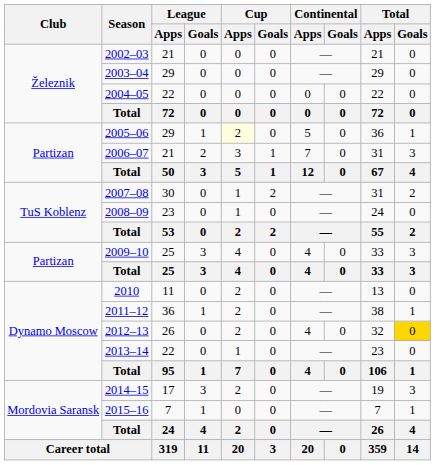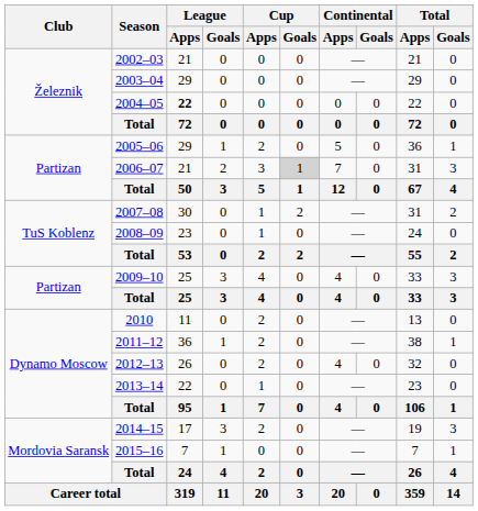 <table class="wikitable" style="text-align:center">
 <tr>
 <th rowspan="2">Club</th>
 <th rowspan="2">Season</th>
 <th colspan="2">League</th>
 <th colspan="2">Cup</th>
 <th colspan="2">Continental</th>
 <th colspan="2">Total</th>
 </tr>
 <tr>
 <th>Apps</th>
 <th>Goals</th>
 <th>Apps</th>
 <th>Goals</th>
 <th>Apps</th>
 <th>Goals</th>
 <th>Apps</th>
 <th>Goals</th>
 </tr>
 <tr>
 <td rowspan="4"><a href='#'>Železnik</a></td>
 <td><a href='#'>2002–03</a></td>
 <td>21</td>
 <td>0</td>
 <td>0</td>
 <td>0</td>
 <td colspan="2">—</td>
 <td>21</td>
 <td>0</td>
 </tr>
 <tr>
 <td><a href='#'>2003–04</a></td>
 <td>29</td>
 <td>0</td>
 <td>0</td>
 <td>0</td>
 <td colspan="2">—</td>
 <td>29</td>
 <td>0</td>
 </tr>
 <tr>
 <td><a href='#'>2004–05</a></td>
-<td>22</td>
+<td><strong>22</strong></td>
 <td>0</td>
 <td>0</td>
 <td>0</td>
 <td>0</td>
 <td>0</td>
 <td>22</td>
 <td>0</td>
 </tr>
 <tr>
 <th>Total</th>
 <th>72</th>
 <th>0</th>
 <th>0</th>
 <th>0</th>
 <th>0</th>
 <th>0</th>
 <th>72</th>
 <th>0</th>
 </tr>
 <tr>
 <td rowspan="3"><a href='#'>Partizan</a></td>
 <td><a href='#'>2005–06</a></td>
 <td>29</td>
 <td>1</td>
-<td style="background: lightyellow;">2</td>
+<td>2</td>
 <td>0</td>
 <td>5</td>
 <td>0</td>
 <td>36</td>
 <td>1</td>
 </tr>
 <tr>
 <td><a href='#'>2006–07</a></td>
 <td>21</td>
 <td>2</td>
 <td>3</td>
-<td>1</td>
+<td style="background: lightgrey;">1</td>
 <td>7</td>
 <td>0</td>
 <td>31</td>
 <td>3</td>
 </tr>
 <tr>
 <th>Total</th>
 <th>50</th>
 <th>3</th>
 <th>5</th>
 <th>1</th>
 <th>12</th>
 <th>0</th>
 <th>67</th>
 <th>4</th>
 </tr>
 <tr>
 <td rowspan="3"><a href='#'>TuS Koblenz</a></td>
 <td><a href='#'>2007–08</a></td>
 <td>30</td>
 <td>0</td>
 <td>1</td>
 <td>2</td>
 <td colspan="2">—</td>
 <td>31</td>
 <td>2</td>
 </tr>
 <tr>
 <td><a href='#'>2008–09</a></td>
 <td>23</td>
 <td>0</td>
 <td>1</td>
 <td>0</td>
 <td colspan="2">—</td>
 <td>24</td>
 <td>0</td>
 </tr>
 <tr>
 <th>Total</th>
 <th>53</th>
 <th>0</th>
 <th>2</th>
 <th>2</th>
 <th colspan="2">—</th>
 <th>55</th>
 <th>2</th>
 </tr>
 <tr>
 <td rowspan="2"><a href='#'>Partizan</a></td>
 <td><a href='#'>2009–10</a></td>
 <td>25</td>
 <td>3</td>
 <td>4</td>
 <td>0</td>
 <td>4</td>
 <td>0</td>
 <td>33</td>
 <td>3</td>
 </tr>
 <tr>
 <th>Total</th>
 <th>25</th>
 <th>3</th>
 <th>4</th>
 <th>0</th>
 <th>4</th>
 <th>0</th>
 <th>33</th>
 <th>3</th>
 </tr>
 <tr>
 <td rowspan="5"><a href='#'>Dynamo Moscow</a></td>
 <td><a href='#'>2010</a></td>
 <td>11</td>
 <td>0</td>
 <td>2</td>
 <td>0</td>
 <td colspan="2">—</td>
 <td>13</td>
 <td>0</td>
 </tr>
 <tr>
 <td><a href='#'>2011–12</a></td>
 <td>36</td>
 <td>1</td>
 <td>2</td>
 <td>0</td>
 <td colspan="2">—</td>
 <td>38</td>
 <td>1</td>
 </tr>
 <tr>
 <td><a href='#'>2012–13</a></td>
 <td>26</td>
 <td>0</td>
 <td>2</td>
 <td>0</td>
 <td>4</td>
 <td>0</td>
 <td>32</td>
-<td style="background: gold;">0</td>
+<td>0</td>
 </tr>
 <tr>
 <td><a href='#'>2013–14</a></td>
 <td>22</td>
 <td>0</td>
 <td>1</td>
 <td>0</td>
 <td colspan="2">—</td>
 <td>23</td>
 <td>0</td>
 </tr>
 <tr>
 <th>Total</th>
 <th>95</th>
 <th>1</th>
 <th>7</th>
 <th>0</th>
 <th>4</th>
 <th>0</th>
 <th>106</th>
 <th>1</th>
 </tr>
 <tr>
 <td rowspan="3"><a href='#'>Mordovia Saransk</a></td>
 <td><a href='#'>2014–15</a></td>
 <td>17</td>
 <td>3</td>
 <td>2</td>
 <td>0</td>
 <td colspan="2">—</td>
 <td>19</td>
 <td>3</td>
 </tr>
 <tr>
 <td><a href='#'>2015–16</a></td>
 <td>7</td>
 <td>1</td>
 <td>0</td>
 <td>0</td>
 <td colspan="2">—</td>
 <td>7</td>
 <td>1</td>
 </tr>
 <tr>
 <th>Total</th>
 <th>24</th>
 <th>4</th>
 <th>2</th>
 <th>0</th>
 <th colspan="2">—</th>
 <th>26</th>
 <th>4</th>
 </tr>
 <tr>
 <th colspan="2">Career total</th>
 <th>319</th>
 <th>11</th>
 <th>20</th>
 <th>3</th>
 <th>20</th>
 <th>0</th>
 <th>359</th>
 <th>14</th>
 </tr>
 </table>
